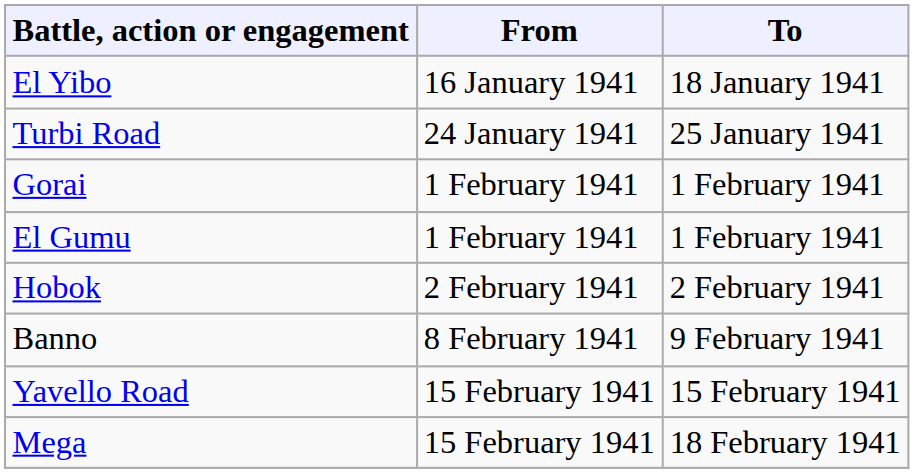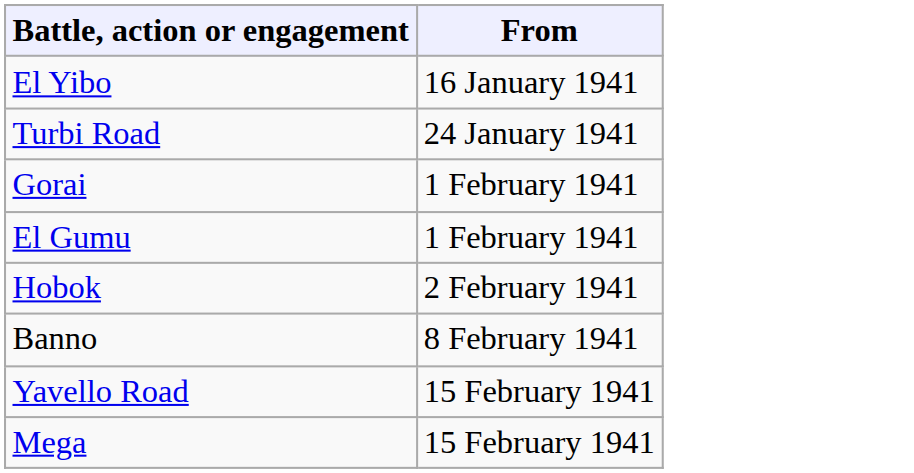 <table class="wikitable">
 <tr>
 <th style="text align: left; background: #eeefff;">Battle, action or engagement</th>
 <th style="text align: left; background: #eeefff;">From</th>
-<th style="text align: left; background: #eeefff;">To</th>
 </tr>
 <tr>
 <td><a href='#'>El Yibo</a></td>
 <td>16 January 1941</td>
-<td>18 January 1941</td>
 </tr>
 <tr>
 <td><a href='#'>Turbi Road</a></td>
 <td>24 January 1941</td>
-<td>25 January 1941</td>
 </tr>
 <tr>
 <td><a href='#'>Gorai</a></td>
-<td>1 February 1941</td>
 <td>1 February 1941</td>
 </tr>
 <tr>
 <td><a href='#'>El Gumu</a></td>
 <td>1 February 1941</td>
-<td>1 February 1941</td>
 </tr>
 <tr>
 <td><a href='#'>Hobok</a></td>
-<td>2 February 1941</td>
 <td>2 February 1941</td>
 </tr>
 <tr>
 <td>Banno</td>
 <td>8 February 1941</td>
-<td>9 February 1941</td>
 </tr>
 <tr>
 <td><a href='#'>Yavello Road</a></td>
-<td>15 February 1941</td>
 <td>15 February 1941</td>
 </tr>
 <tr>
 <td><a href='#'>Mega</a></td>
 <td>15 February 1941</td>
-<td>18 February 1941</td>
 </tr>
 </table>
